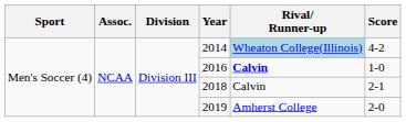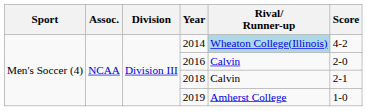 <table class="wikitable">
 <tr>
 <th>Sport</th>
 <th>Assoc.</th>
 <th>Division</th>
 <th>Year</th>
 <th>Rival/<br>Runner-up</th>
 <th>Score</th>
 </tr>
 <tr>
 <td rowspan="4">Men's Soccer (4)</td>
 <td rowspan="4"><a href='#'>NCAA</a></td>
 <td rowspan="4"><a href='#'>Division III</a></td>
 <td>2014</td>
 <td style="background: lightblue;"><a href='#'>Wheaton College(Illinois)</a></td>
 <td>4-2</td>
 </tr>
 <tr>
 <td>2016</td>
-<td><strong><a href='#'>Calvin</a></strong></td>
-<td>1-0</td>
+<td><a href='#'>Calvin</a></td>
+<td>2-0</td>
 </tr>
 <tr>
 <td>2018</td>
 <td>Calvin</td>
 <td>2-1</td>
 </tr>
 <tr>
 <td>2019</td>
 <td><a href='#'>Amherst College</a></td>
-<td>2-0</td>
+<td>1-0</td>
 </tr>
 </table>
